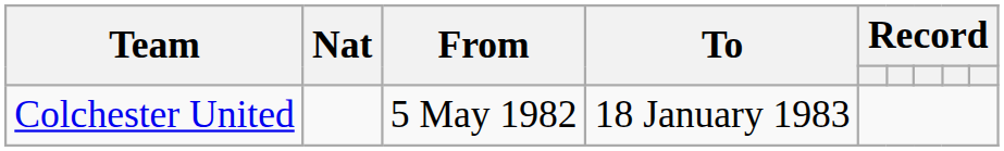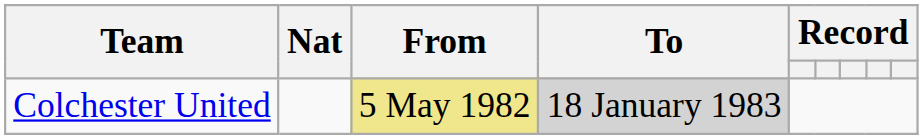 <table class="wikitable" style="text-align: center">
 <tr>
 <th rowspan="2">Team</th>
 <th rowspan="2">Nat</th>
 <th rowspan="2">From</th>
 <th rowspan="2">To</th>
 <th colspan="5">Record</th>
 </tr>
 <tr>
 <th></th>
 <th></th>
 <th></th>
 <th></th>
 <th></th>
 </tr>
 <tr>
 <td align=left><a href='#'>Colchester United</a></td>
 <td></td>
-<td align=left>5 May 1982</td>
-<td align=left>18 January 1983<br></td>
+<td align=left style="background: khaki;">5 May 1982</td>
+<td align=left style="background: lightgrey;">18 January 1983<br></td>
 </tr>
 </table>
